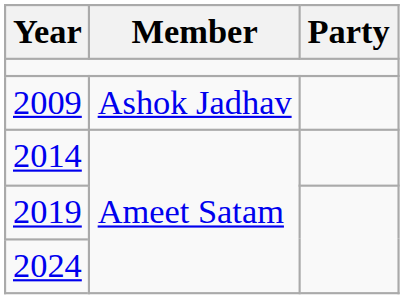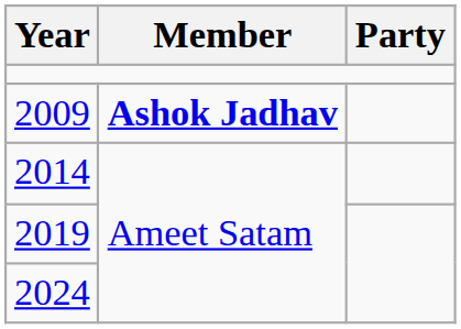 <table class="wikitable">
 <tr>
 <th>Year</th>
 <th>Member</th>
 <th colspan="2">Party</th>
 </tr>
 <tr>
 <td colspan=4></td>
 </tr>
 <tr>
 <td><a href='#'>2009</a></td>
-<td><a href='#'>Ashok Jadhav</a></td>
+<td><strong><a href='#'>Ashok Jadhav</a></strong></td>
 <td></td>
 </tr>
 <tr>
 <td><a href='#'>2014</a></td>
 <td rowspan="3"><a href='#'>Ameet Satam</a></td>
 <td></td>
 </tr>
 <tr>
 <td><a href='#'>2019</a></td>
 </tr>
 <tr>
 <td><a href='#'>2024</a></td>
 </tr>
 </table>
